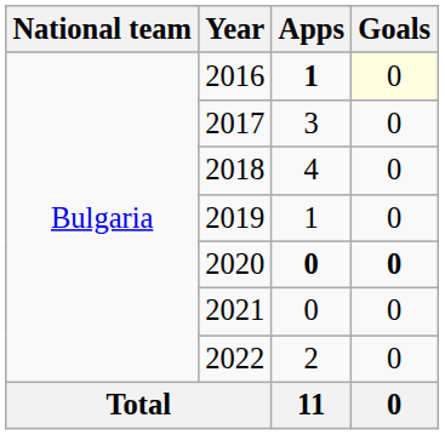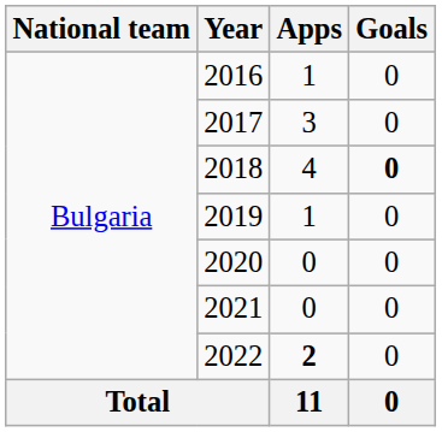 <table class="wikitable" style="text-align:center">
 <tr>
 <th>National team</th>
 <th>Year</th>
 <th>Apps</th>
 <th>Goals</th>
 </tr>
 <tr>
 <td rowspan="7"><a href='#'>Bulgaria</a></td>
 <td>2016</td>
-<td><strong>1</strong></td>
-<td style="background: lightyellow;">0</td>
+<td>1</td>
+<td>0</td>
 </tr>
 <tr>
 <td>2017</td>
 <td>3</td>
 <td>0</td>
 </tr>
 <tr>
 <td>2018</td>
 <td>4</td>
-<td>0</td>
+<td><strong>0</strong></td>
 </tr>
 <tr>
 <td>2019</td>
 <td>1</td>
 <td>0</td>
 </tr>
 <tr>
 <td>2020</td>
-<td><strong>0</strong></td>
-<td><strong>0</strong></td>
+<td>0</td>
+<td>0</td>
 </tr>
 <tr>
 <td>2021</td>
 <td>0</td>
 <td>0</td>
 </tr>
 <tr>
 <td>2022</td>
-<td>2</td>
+<td><strong>2</strong></td>
 <td>0</td>
 </tr>
 <tr>
 <th colspan="2">Total</th>
 <th>11</th>
 <th>0</th>
 </tr>
 </table>
